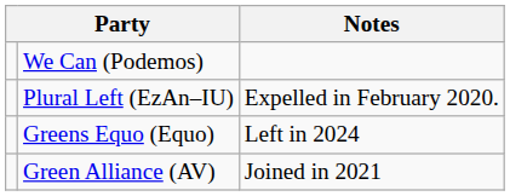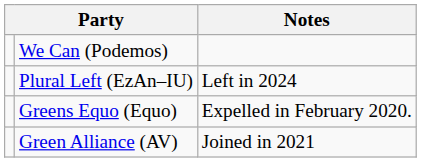 <table class="wikitable" style="text-align:left;">
 <tr>
 <th colspan="2">Party</th>
 <th>Notes</th>
 </tr>
 <tr>
 <td width="1"></td>
 <td><a href='#'>We Can</a> (Podemos)</td>
 <td></td>
 </tr>
 <tr>
 <td></td>
 <td><a href='#'>Plural Left</a> (EzAn–IU)</td>
-<td>Expelled in February 2020.</td>
+<td>Left in 2024</td>
 </tr>
 <tr>
 <td></td>
 <td><a href='#'>Greens Equo</a> (Equo)</td>
-<td>Left in 2024</td>
+<td>Expelled in February 2020.</td>
 </tr>
 <tr>
 <td></td>
 <td><a href='#'>Green Alliance</a> (AV)</td>
 <td>Joined in 2021</td>
 </tr>
 </table>
